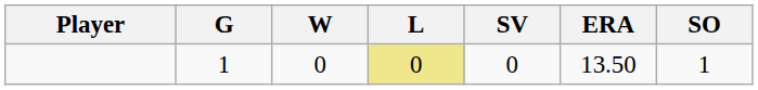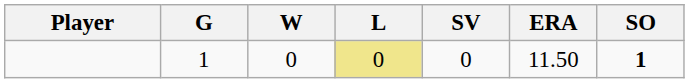 <table class="wikitable sortable">
 <tr>
 <th bgcolor="#DDDDFF" width="16%">Player</th>
 <th bgcolor="#DDDDFF" width="9%">G</th>
 <th bgcolor="#DDDDFF" width="9%">W</th>
 <th bgcolor="#DDDDFF" width="9%">L</th>
 <th bgcolor="#DDDDFF" width="9%">SV</th>
 <th bgcolor="#DDDDFF" width="9%">ERA</th>
 <th bgcolor="#DDDDFF" width="9%">SO</th>
 </tr>
 <tr align="center">
 <td></td>
 <td>1</td>
 <td>0</td>
 <td style="background: khaki;">0</td>
 <td>0</td>
-<td>13.50</td>
-<td>1</td>
+<td>11.50</td>
+<td><strong>1</strong></td>
 </tr>
 </table>
